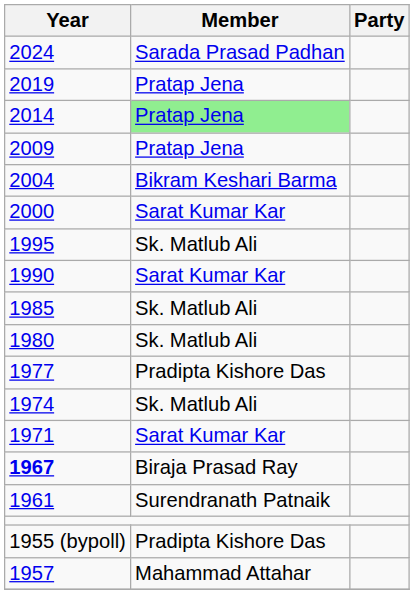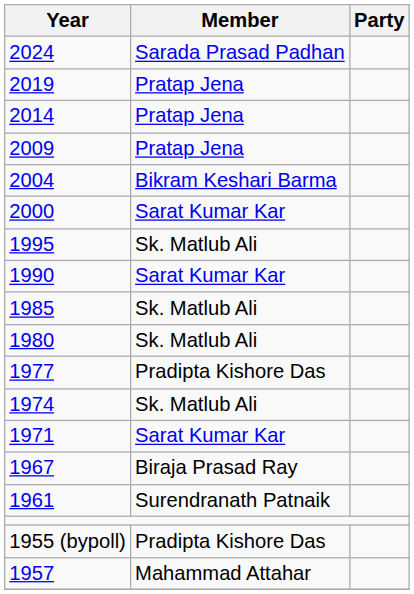 <table class="wikitable sortable">
 <tr>
 <th>Year</th>
 <th>Member</th>
 <th colspan="2">Party</th>
 </tr>
 <tr>
 <td><a href='#'>2024</a></td>
 <td><a href='#'>Sarada Prasad Padhan</a></td>
 <td></td>
 </tr>
 <tr>
 <td><a href='#'>2019</a></td>
 <td><a href='#'>Pratap Jena</a></td>
 <td></td>
 </tr>
 <tr>
 <td><a href='#'>2014</a></td>
-<td style="background: lightgreen;"><a href='#'>Pratap Jena</a></td>
+<td><a href='#'>Pratap Jena</a></td>
 <td></td>
 </tr>
 <tr>
 <td><a href='#'>2009</a></td>
 <td><a href='#'>Pratap Jena</a></td>
 <td></td>
 </tr>
 <tr>
 <td><a href='#'>2004</a></td>
 <td><a href='#'>Bikram Keshari Barma</a></td>
 <td></td>
 </tr>
 <tr>
 <td><a href='#'>2000</a></td>
 <td><a href='#'>Sarat Kumar Kar</a></td>
 <td></td>
 </tr>
 <tr>
 <td><a href='#'>1995</a></td>
 <td>Sk. Matlub Ali</td>
 <td></td>
 </tr>
 <tr>
 <td><a href='#'>1990</a></td>
 <td><a href='#'>Sarat Kumar Kar</a></td>
 <td></td>
 </tr>
 <tr>
 <td><a href='#'>1985</a></td>
 <td>Sk. Matlub Ali</td>
 <td></td>
 </tr>
 <tr>
 <td><a href='#'>1980</a></td>
 <td>Sk. Matlub Ali</td>
 <td></td>
 </tr>
 <tr>
 <td><a href='#'>1977</a></td>
 <td>Pradipta Kishore Das</td>
 <td></td>
 </tr>
 <tr>
 <td><a href='#'>1974</a></td>
 <td>Sk. Matlub Ali</td>
 <td></td>
 </tr>
 <tr>
 <td><a href='#'>1971</a></td>
 <td><a href='#'>Sarat Kumar Kar</a></td>
 <td></td>
 </tr>
 <tr>
-<td><strong><a href='#'>1967</a></strong></td>
+<td><a href='#'>1967</a></td>
 <td>Biraja Prasad Ray</td>
 <td></td>
 </tr>
 <tr>
 <td><a href='#'>1961</a></td>
 <td>Surendranath Patnaik</td>
 <td></td>
 </tr>
 <tr>
 <td colspan="4"></td>
 </tr>
 <tr>
 <td>1955 (bypoll)</td>
 <td>Pradipta Kishore Das</td>
 <td></td>
 </tr>
 <tr>
 <td><a href='#'>1957</a></td>
 <td>Mahammad Attahar</td>
 <td></td>
 </tr>
 <tr>
 </tr>
 </table>
